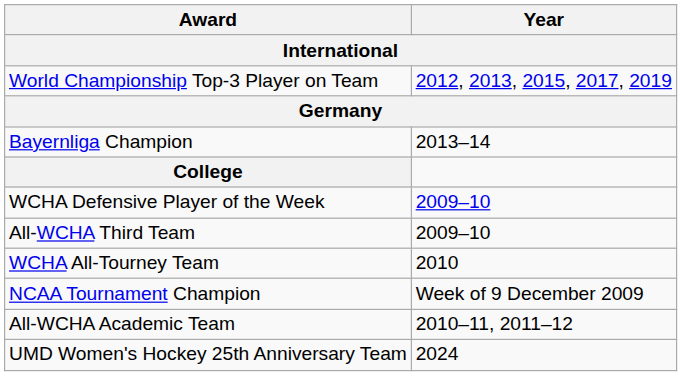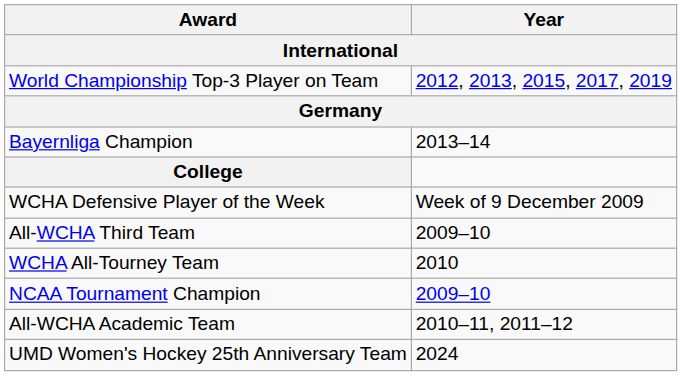 <table class="wikitable">
 <tr>
 <th scope="col">Award</th>
 <th scope="col">Year</th>
 </tr>
 <tr>
 <th colspan="2">International</th>
 </tr>
 <tr>
 <td><a href='#'>World Championship</a> Top-3 Player on Team</td>
 <td><a href='#'>2012</a>, <a href='#'>2013</a>, <a href='#'>2015</a>, <a href='#'>2017</a>, <a href='#'>2019</a></td>
 </tr>
 <tr>
 <th colspan="2">Germany</th>
 </tr>
 <tr>
 <td><a href='#'>Bayernliga</a> Champion</td>
 <td>2013–14</td>
 </tr>
 <tr>
 <th>College</th>
 </tr>
 <tr>
 <td>WCHA Defensive Player of the Week</td>
-<td><a href='#'>2009–10</a></td>
+<td>Week of 9 December 2009</td>
 </tr>
 <tr>
 <td>All-<a href='#'>WCHA</a> Third Team</td>
 <td>2009–10</td>
 </tr>
 <tr>
 <td><a href='#'>WCHA</a> All-Tourney Team</td>
 <td>2010</td>
 </tr>
 <tr>
 <td><a href='#'>NCAA Tournament</a> Champion</td>
-<td>Week of 9 December 2009</td>
+<td><a href='#'>2009–10</a></td>
 </tr>
 <tr>
 <td>All-WCHA Academic Team</td>
 <td>2010–11, 2011–12</td>
 </tr>
 <tr>
 <td>UMD Women's Hockey 25th Anniversary Team</td>
 <td>2024</td>
 </tr>
 </table>
